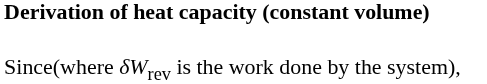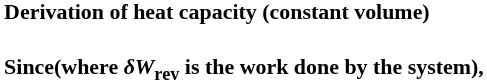 <table class="toccolours collapsible collapsed" width="80%" style="text-align:left">
 <tr>
 <th>Derivation of heat capacity (constant volume)</th>
 </tr>
 <tr>
-<td><br>Since(where <em>δW</em><sub>rev</sub> is the work done by the system),</td>
+<td><strong><br>Since(where <em>δW</em><sub>rev</sub> is the work done by the system),</strong></td>
 </tr>
 </table>
